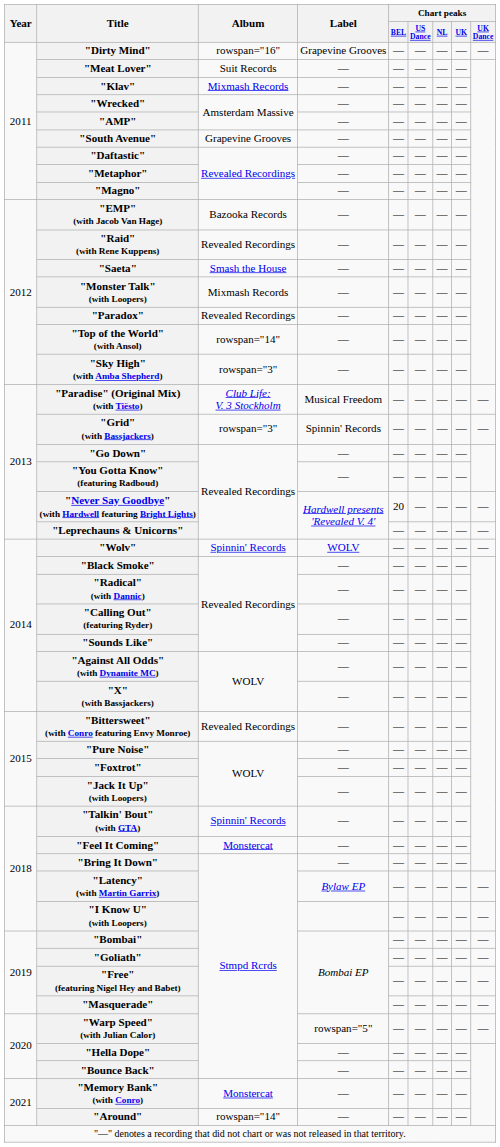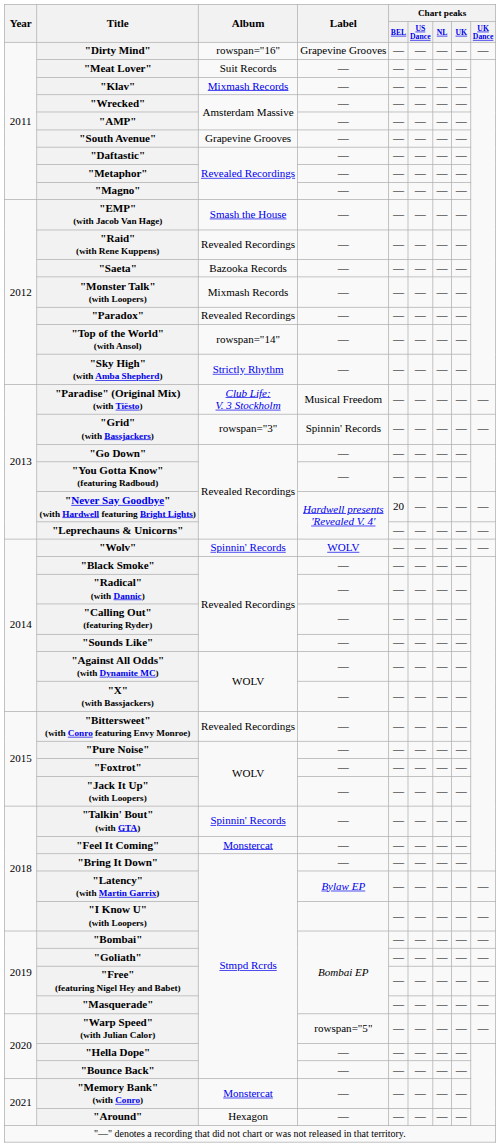 <table class="wikitable plainrowheaders" style="text-align:center;">
 <tr>
 <th scope="col" rowspan="2" style="width:2.5em;">Year</th>
 <th scope="col" rowspan="2">Title</th>
 <th scope="col" rowspan="2">Album</th>
 <th scope="col" rowspan="2">Label</th>
 <th scope="col" colspan="5"><small>Chart peaks</small></th>
 </tr>
 <tr>
 <th style="width:2em;font-size:70%;"><a href='#'>BEL</a></th>
 <th style="width:2em;font-size:70%;"><a href='#'>US Dance</a><br></th>
 <th style="width:2em;font-size:70%;"><a href='#'>NL</a><br></th>
 <th style="width:2em;font-size:70%;"><a href='#'>UK</a><br></th>
 <th style="width:2em;font-size:70%;"><a href='#'>UK Dance</a><br></th>
 </tr>
 <tr>
 <td rowspan="9">2011</td>
 <th scope="row">"Dirty Mind"</th>
 <td>rowspan="16" </td>
 <td>Grapevine Grooves</td>
 <td>—</td>
 <td>—</td>
 <td>—</td>
 <td>—</td>
 <td>—</td>
 </tr>
 <tr>
 <th scope="row">"Meat Lover"</th>
 <td>Suit Records</td>
 <td>—</td>
 <td>—</td>
 <td>—</td>
 <td>—</td>
 <td>—</td>
 </tr>
 <tr>
 <th scope="row">"Klav"</th>
 <td><a href='#'>Mixmash Records</a></td>
 <td>—</td>
 <td>—</td>
 <td>—</td>
 <td>—</td>
 <td>—</td>
 </tr>
 <tr>
 <th scope="row">"Wrecked"</th>
 <td rowspan="2">Amsterdam Massive</td>
 <td>—</td>
 <td>—</td>
 <td>—</td>
 <td>—</td>
 <td>—</td>
 </tr>
 <tr>
 <th scope="row">"AMP"</th>
 <td>—</td>
 <td>—</td>
 <td>—</td>
 <td>—</td>
 <td>—</td>
 </tr>
 <tr>
 <th scope="row">"South Avenue"</th>
 <td>Grapevine Grooves</td>
 <td>—</td>
 <td>—</td>
 <td>—</td>
 <td>—</td>
 <td>—</td>
 </tr>
 <tr>
 <th scope="row">"Daftastic"</th>
 <td rowspan="3"><a href='#'>Revealed Recordings</a></td>
 <td>—</td>
 <td>—</td>
 <td>—</td>
 <td>—</td>
 <td>—</td>
 </tr>
 <tr>
 <th scope="row">"Metaphor"</th>
 <td>—</td>
 <td>—</td>
 <td>—</td>
 <td>—</td>
 <td>—</td>
 </tr>
 <tr>
 <th scope="row">"Magno"</th>
 <td>—</td>
 <td>—</td>
 <td>—</td>
 <td>—</td>
 <td>—</td>
 </tr>
 <tr>
 <td rowspan="7">2012</td>
 <th scope="row">"EMP" <br><small>(with Jacob Van Hage)</small></th>
-<td>Bazooka Records</td>
+<td><a href='#'>Smash the House</a></td>
 <td>—</td>
 <td>—</td>
 <td>—</td>
 <td>—</td>
 <td>—</td>
 </tr>
 <tr>
 <th scope="row">"Raid" <br><small>(with Rene Kuppens)</small></th>
 <td>Revealed Recordings</td>
 <td>—</td>
 <td>—</td>
 <td>—</td>
 <td>—</td>
 <td>—</td>
 </tr>
 <tr>
 <th scope="row">"Saeta"</th>
-<td><a href='#'>Smash the House</a></td>
+<td>Bazooka Records</td>
 <td>—</td>
 <td>—</td>
 <td>—</td>
 <td>—</td>
 <td>—</td>
 </tr>
 <tr>
 <th scope="row">"Monster Talk" <br><small>(with Loopers)</small></th>
 <td>Mixmash Records</td>
 <td>—</td>
 <td>—</td>
 <td>—</td>
 <td>—</td>
 <td>—</td>
 </tr>
 <tr>
 <th scope="row">"Paradox"</th>
 <td>Revealed Recordings</td>
 <td>—</td>
 <td>—</td>
 <td>—</td>
 <td>—</td>
 <td>—</td>
 </tr>
 <tr>
 <th scope="row">"Top of the World" <br><small>(with Ansol)</small></th>
 <td>rowspan="14" </td>
 <td>—</td>
 <td>—</td>
 <td>—</td>
 <td>—</td>
 <td>—</td>
 </tr>
 <tr>
 <th scope="row">"Sky High" <br><small>(with <a href='#'>Amba Shepherd</a>)</small></th>
-<td>rowspan="3" </td>
+<td><a href='#'>Strictly Rhythm</a></td>
 <td>—</td>
 <td>—</td>
 <td>—</td>
 <td>—</td>
 <td>—</td>
 </tr>
 <tr>
 <td rowspan="6">2013</td>
 <th scope="row">"Paradise" (Original Mix)<br><small>(with <a href='#'>Tiësto</a>)</small></th>
 <td><em><a href='#'>Club Life:<br>V. 3 Stockholm</a></em></td>
 <td>Musical Freedom</td>
 <td>—</td>
 <td>—</td>
 <td>—</td>
 <td>—</td>
 <td>—</td>
 </tr>
 <tr>
 <th scope="row">"Grid" <br><small>(with <a href='#'>Bassjackers</a>)</small></th>
 <td>rowspan="3" </td>
 <td>Spinnin' Records</td>
 <td>—</td>
 <td>—</td>
 <td>—</td>
 <td>—</td>
 <td>—</td>
 </tr>
 <tr>
 <th scope="row">"Go Down"</th>
 <td rowspan="4">Revealed Recordings</td>
 <td>—</td>
 <td>—</td>
 <td>—</td>
 <td>—</td>
 <td>—</td>
 </tr>
 <tr>
 <th scope="row">"You Gotta Know"<br><small>(featuring Radboud)</small></th>
 <td>—</td>
 <td>—</td>
 <td>—</td>
 <td>—</td>
 <td>—</td>
 </tr>
 <tr>
 <th scope="row">"<a href='#'>Never Say Goodbye</a>"<br><small>(with <a href='#'>Hardwell</a> featuring <a href='#'>Bright Lights</a>)</small></th>
 <td rowspan="2"><em><a href='#'>Hardwell presents<br>'Revealed V. 4'</a></em></td>
 <td>20</td>
 <td>—</td>
 <td>—</td>
 <td>—</td>
 <td>—</td>
 </tr>
 <tr>
 <th scope="row">"Leprechauns & Unicorns"</th>
 <td>—</td>
 <td>—</td>
 <td>—</td>
 <td>—</td>
 <td>—</td>
 </tr>
 <tr>
 <td rowspan="7">2014</td>
 <th scope="row">"Wolv"</th>
 <td><a href='#'>Spinnin' Records</a></td>
 <td><a href='#'>WOLV</a></td>
 <td>—</td>
 <td>—</td>
 <td>—</td>
 <td>—</td>
 <td>—</td>
 </tr>
 <tr>
 <th scope="row">"Black Smoke"</th>
 <td rowspan="4">Revealed Recordings</td>
 <td>—</td>
 <td>—</td>
 <td>—</td>
 <td>—</td>
 <td>—</td>
 </tr>
 <tr>
 <th scope="row">"Radical" <br><small>(with <a href='#'>Dannic</a>)</small></th>
 <td>—</td>
 <td>—</td>
 <td>—</td>
 <td>—</td>
 <td>—</td>
 </tr>
 <tr>
 <th scope="row">"Calling Out" <br><small>(featuring Ryder)</small></th>
 <td>—</td>
 <td>—</td>
 <td>—</td>
 <td>—</td>
 <td>—</td>
 </tr>
 <tr>
 <th scope="row">"Sounds Like"</th>
 <td>—</td>
 <td>—</td>
 <td>—</td>
 <td>—</td>
 <td>—</td>
 </tr>
 <tr>
 <th scope="row">"Against All Odds"<br><small>(with <a href='#'>Dynamite MC</a>)</small></th>
 <td rowspan="2">WOLV</td>
 <td>—</td>
 <td>—</td>
 <td>—</td>
 <td>—</td>
 <td>—</td>
 </tr>
 <tr>
 <th scope="row">"X" <br><small>(with Bassjackers)</small></th>
 <td>—</td>
 <td>—</td>
 <td>—</td>
 <td>—</td>
 <td>—</td>
 </tr>
 <tr>
 <td rowspan="4">2015</td>
 <th scope="row">"Bittersweet"<br><small>(with <a href='#'>Conro</a> featuring Envy Monroe)</small></th>
 <td>Revealed Recordings</td>
 <td>—</td>
 <td>—</td>
 <td>—</td>
 <td>—</td>
 <td>—</td>
 </tr>
 <tr>
 <th scope="row">"Pure Noise"</th>
 <td rowspan="3">WOLV</td>
 <td>—</td>
 <td>—</td>
 <td>—</td>
 <td>—</td>
 <td>—</td>
 </tr>
 <tr>
 <th scope="row">"Foxtrot"</th>
 <td>—</td>
 <td>—</td>
 <td>—</td>
 <td>—</td>
 <td>—</td>
 </tr>
 <tr>
 <th scope="row">"Jack It Up" <br><small>(with Loopers)</small></th>
 <td>—</td>
 <td>—</td>
 <td>—</td>
 <td>—</td>
 <td>—</td>
 </tr>
 <tr>
 <td rowspan="5">2018</td>
 <th scope="row">"Talkin' Bout" <br><small>(with <a href='#'>GTA</a>)</small></th>
 <td><a href='#'>Spinnin' Records</a></td>
 <td>—</td>
 <td>—</td>
 <td>—</td>
 <td>—</td>
 <td>—</td>
 </tr>
 <tr>
 <th scope="row">"Feel It Coming"</th>
 <td><a href='#'>Monstercat</a></td>
 <td>—</td>
 <td>—</td>
 <td>—</td>
 <td>—</td>
 <td>—</td>
 </tr>
 <tr>
 <th scope="row">"Bring It Down"</th>
 <td rowspan="10"><a href='#'>Stmpd Rcrds</a></td>
 <td>—</td>
 <td>—</td>
 <td>—</td>
 <td>—</td>
 <td>—</td>
 </tr>
 <tr>
 <th scope="row">"Latency"<br><small>(with <a href='#'>Martin Garrix</a>)</small></th>
 <td><em><a href='#'>Bylaw EP</a></em></td>
 <td>—</td>
 <td>—</td>
 <td>—</td>
 <td>—</td>
 <td>—</td>
 </tr>
 <tr>
 <th scope="row">"I Know U" <br><small>(with Loopers)</small></th>
 <td></td>
 <td>—</td>
 <td>—</td>
 <td>—</td>
 <td>—</td>
 <td>—</td>
 </tr>
 <tr>
 <td rowspan="4">2019</td>
 <th scope="row">"Bombai"</th>
 <td rowspan="4"><em>Bombai EP</em></td>
 <td>—</td>
 <td>—</td>
 <td>—</td>
 <td>—</td>
 <td>—</td>
 </tr>
 <tr>
 <th scope="row">"Goliath"</th>
 <td>—</td>
 <td>—</td>
 <td>—</td>
 <td>—</td>
 <td>—</td>
 </tr>
 <tr>
 <th scope="row">"Free" <br><small>(featuring Nigel Hey and Babet)</small></th>
 <td>—</td>
 <td>—</td>
 <td>—</td>
 <td>—</td>
 <td>—</td>
 </tr>
 <tr>
 <th scope="row">"Masquerade"</th>
 <td>—</td>
 <td>—</td>
 <td>—</td>
 <td>—</td>
 <td>—</td>
 </tr>
 <tr>
 <td rowspan="3">2020</td>
 <th scope="row">"Warp Speed" <br><small>(with Julian Calor)</small></th>
 <td>rowspan="5" </td>
 <td>—</td>
 <td>—</td>
 <td>—</td>
 <td>—</td>
 <td>—</td>
 </tr>
 <tr>
 <th scope="row">"Hella Dope"</th>
 <td>—</td>
 <td>—</td>
 <td>—</td>
 <td>—</td>
 <td>—</td>
 </tr>
 <tr>
 <th scope="row">"Bounce Back"</th>
 <td>—</td>
 <td>—</td>
 <td>—</td>
 <td>—</td>
 <td>—</td>
 </tr>
 <tr>
 <td rowspan="2">2021</td>
 <th scope="row">"Memory Bank" <br><small>(with <a href='#'>Conro</a>)</small></th>
 <td><a href='#'>Monstercat</a></td>
 <td>—</td>
 <td>—</td>
 <td>—</td>
 <td>—</td>
 <td>—</td>
 </tr>
 <tr>
 <th scope="row">"Around"</th>
-<td>rowspan="14" </td>
+<td>Hexagon</td>
 <td>—</td>
 <td>—</td>
 <td>—</td>
 <td>—</td>
 <td>—</td>
 </tr>
 <tr>
 <td colspan="9" style="font-size:90%">"—" denotes a recording that did not chart or was not released in that territory.</td>
 </tr>
 </table>
